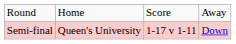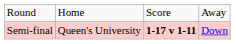 <table class="wikitable">
 <tr>
 <td>Round</td>
 <td>Home</td>
 <td>Score</td>
 <td>Away</td>
 </tr>
 <tr bgcolor="#FFCCCC">
 <td>Semi-final</td>
 <td>Queen's University</td>
-<td>1-17 v 1-11</td>
+<td><strong>1-17 v 1-11</strong></td>
 <td><a href='#'>Down</a></td>
 </tr>
 </table>
